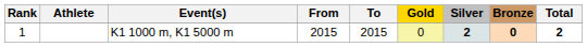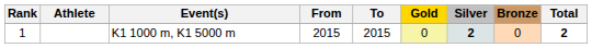 <table class="wikitable plainrowheaders" style="text-align:center;">
 <tr style="background-color:#EDEDED;">
 <th class="hintergrundfarbe5" style="width:1em">Rank</th>
 <th class="hintergrundfarbe5">Athlete</th>
 <th class="hintergrundfarbe5">Event(s)</th>
 <th class="hintergrundfarbe5">From</th>
 <th class="hintergrundfarbe5">To</th>
 <th style="background:    gold; width:8%">Gold</th>
 <th style="background:  silver; width:8%">Silver</th>
 <th style="background: #CC9966; width:8%">Bronze</th>
 <th class="hintergrundfarbe5" style="width:8%">Total</th>
 </tr>
 <tr>
 </tr>
 <tr align="center" bgcolor="#FFFFFF">
 <td rowspan="1" valign="center">1</td>
 <td align="left"></td>
 <td align="left">K1 1000 m, K1 5000 m</td>
 <td align="center">2015</td>
 <td align="center">2015</td>
 <td style="background:#F7F6A8;">0</td>
 <td style="background:#DCE5E5;"><strong>2</strong></td>
-<td style="background:#FFDAB9;"><strong>0</strong></td>
+<td style="background:#FFDAB9;">0</td>
 <td><strong>2</strong></td>
 </tr>
 </table>
